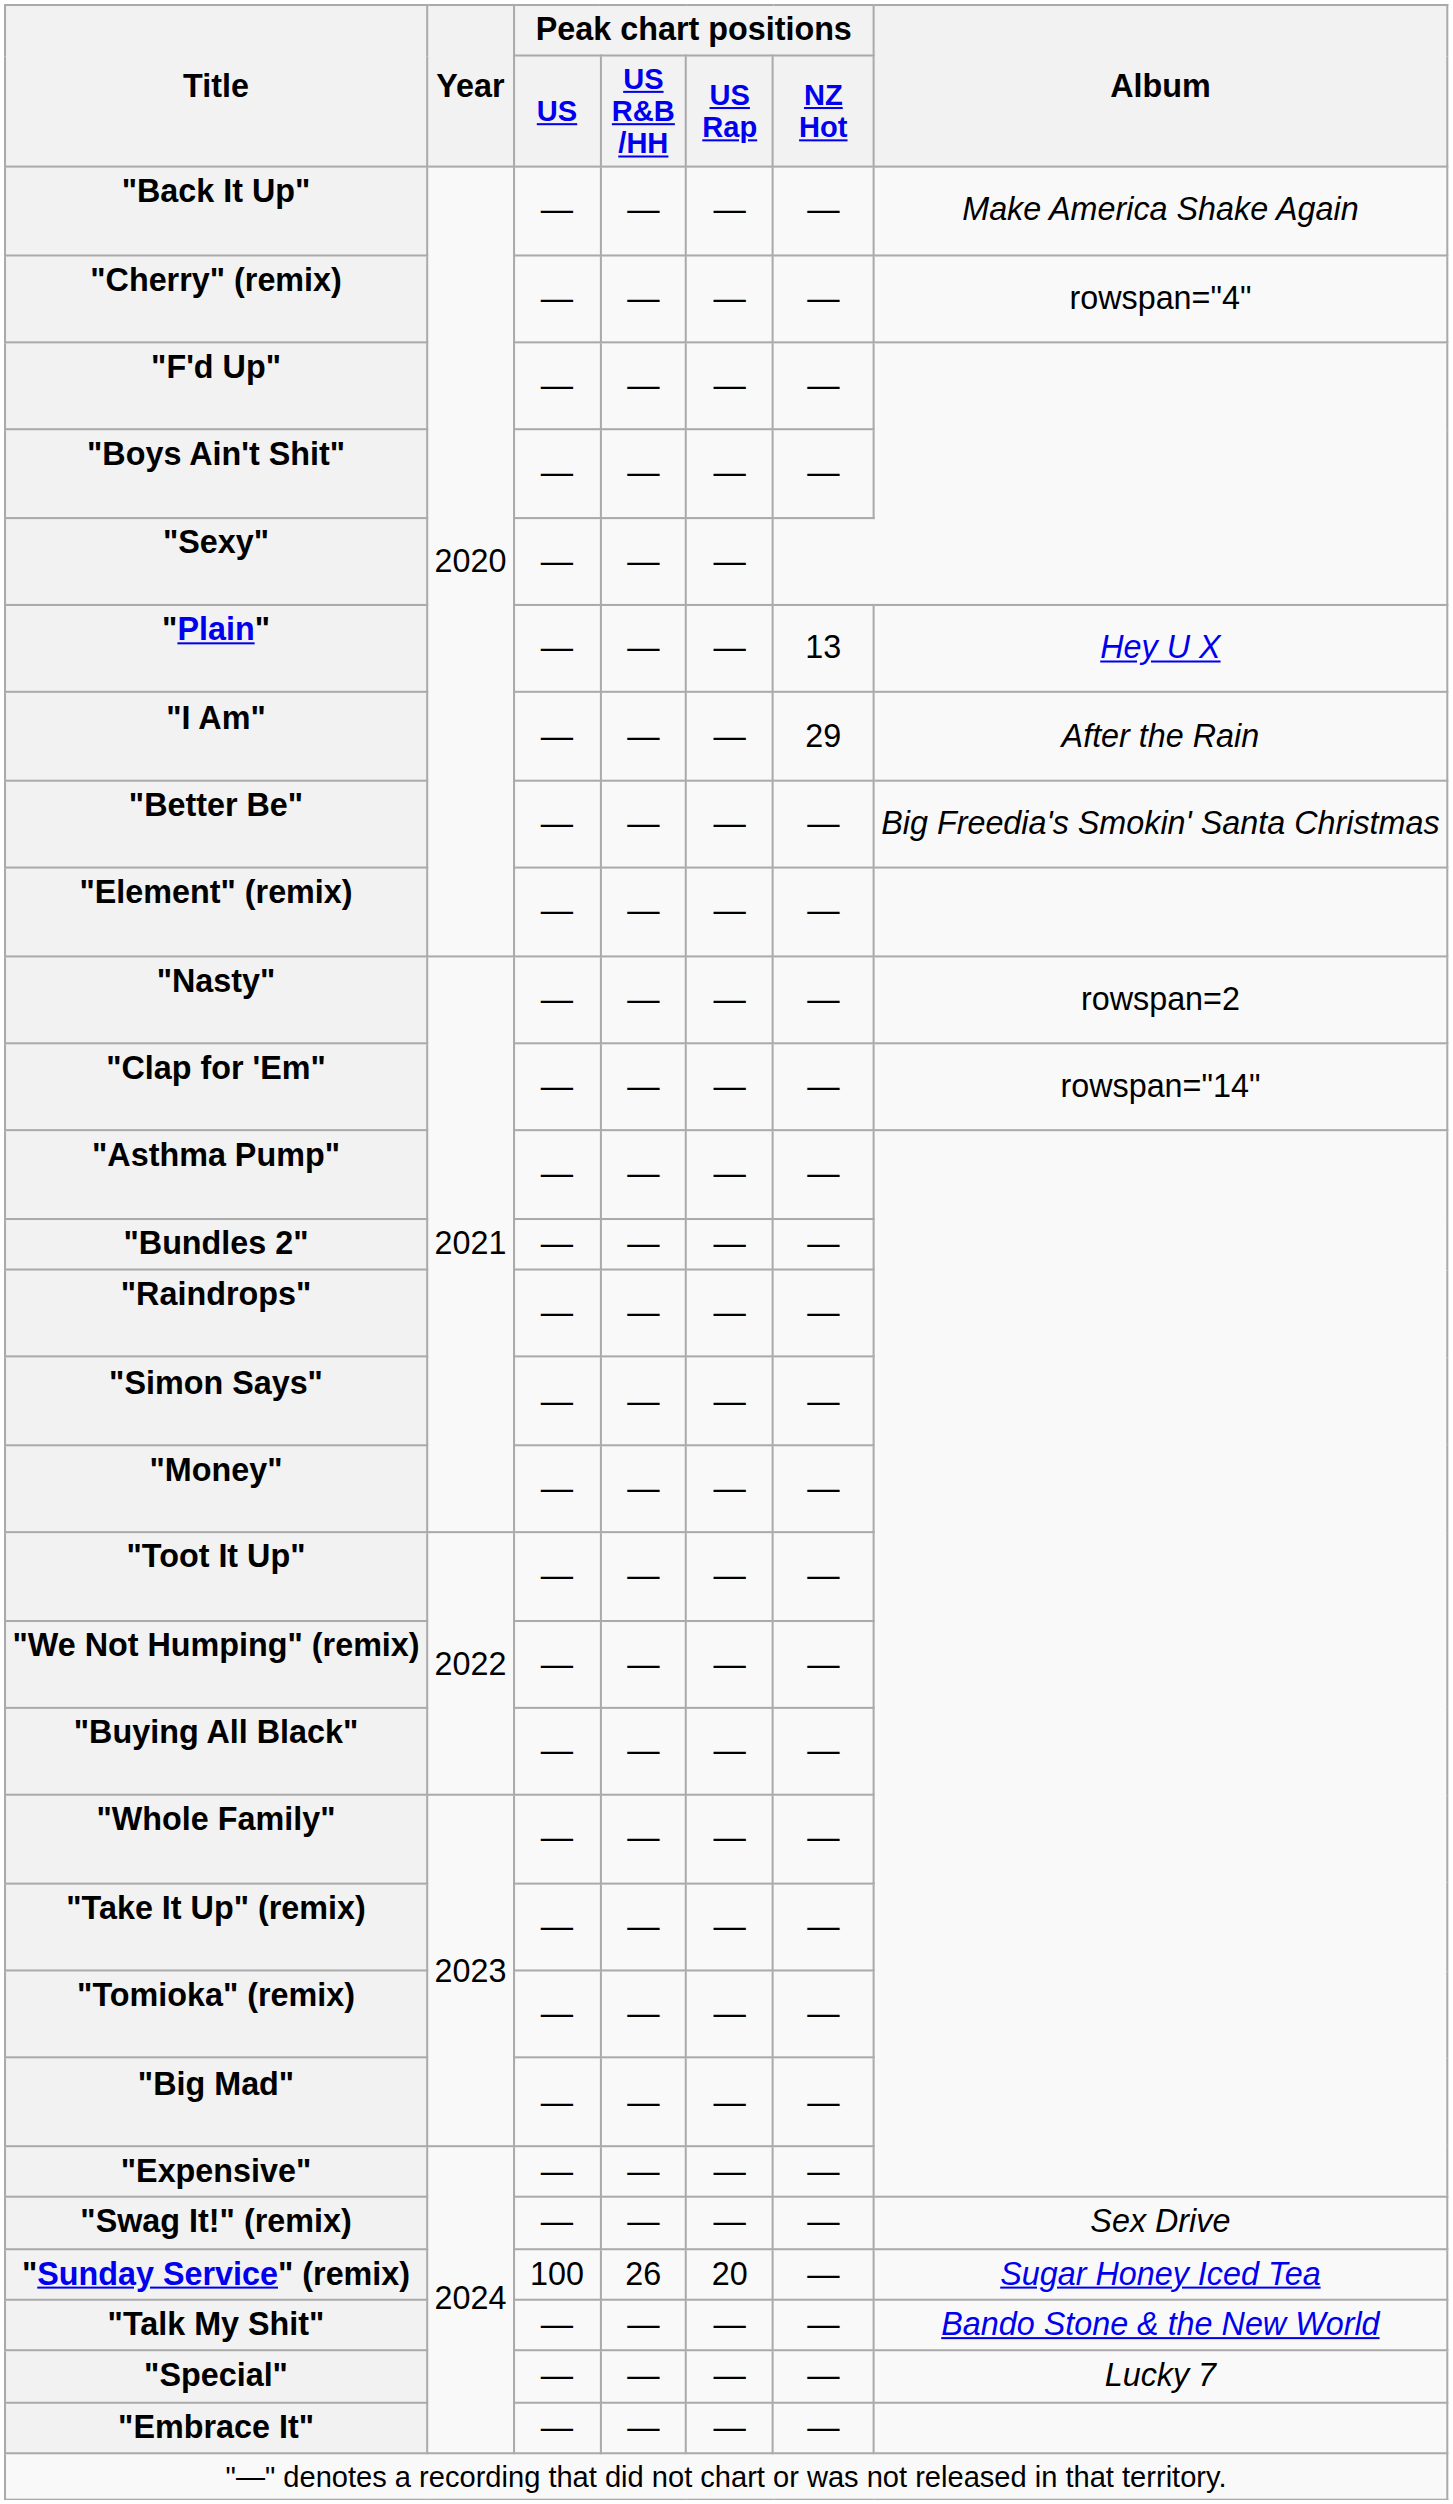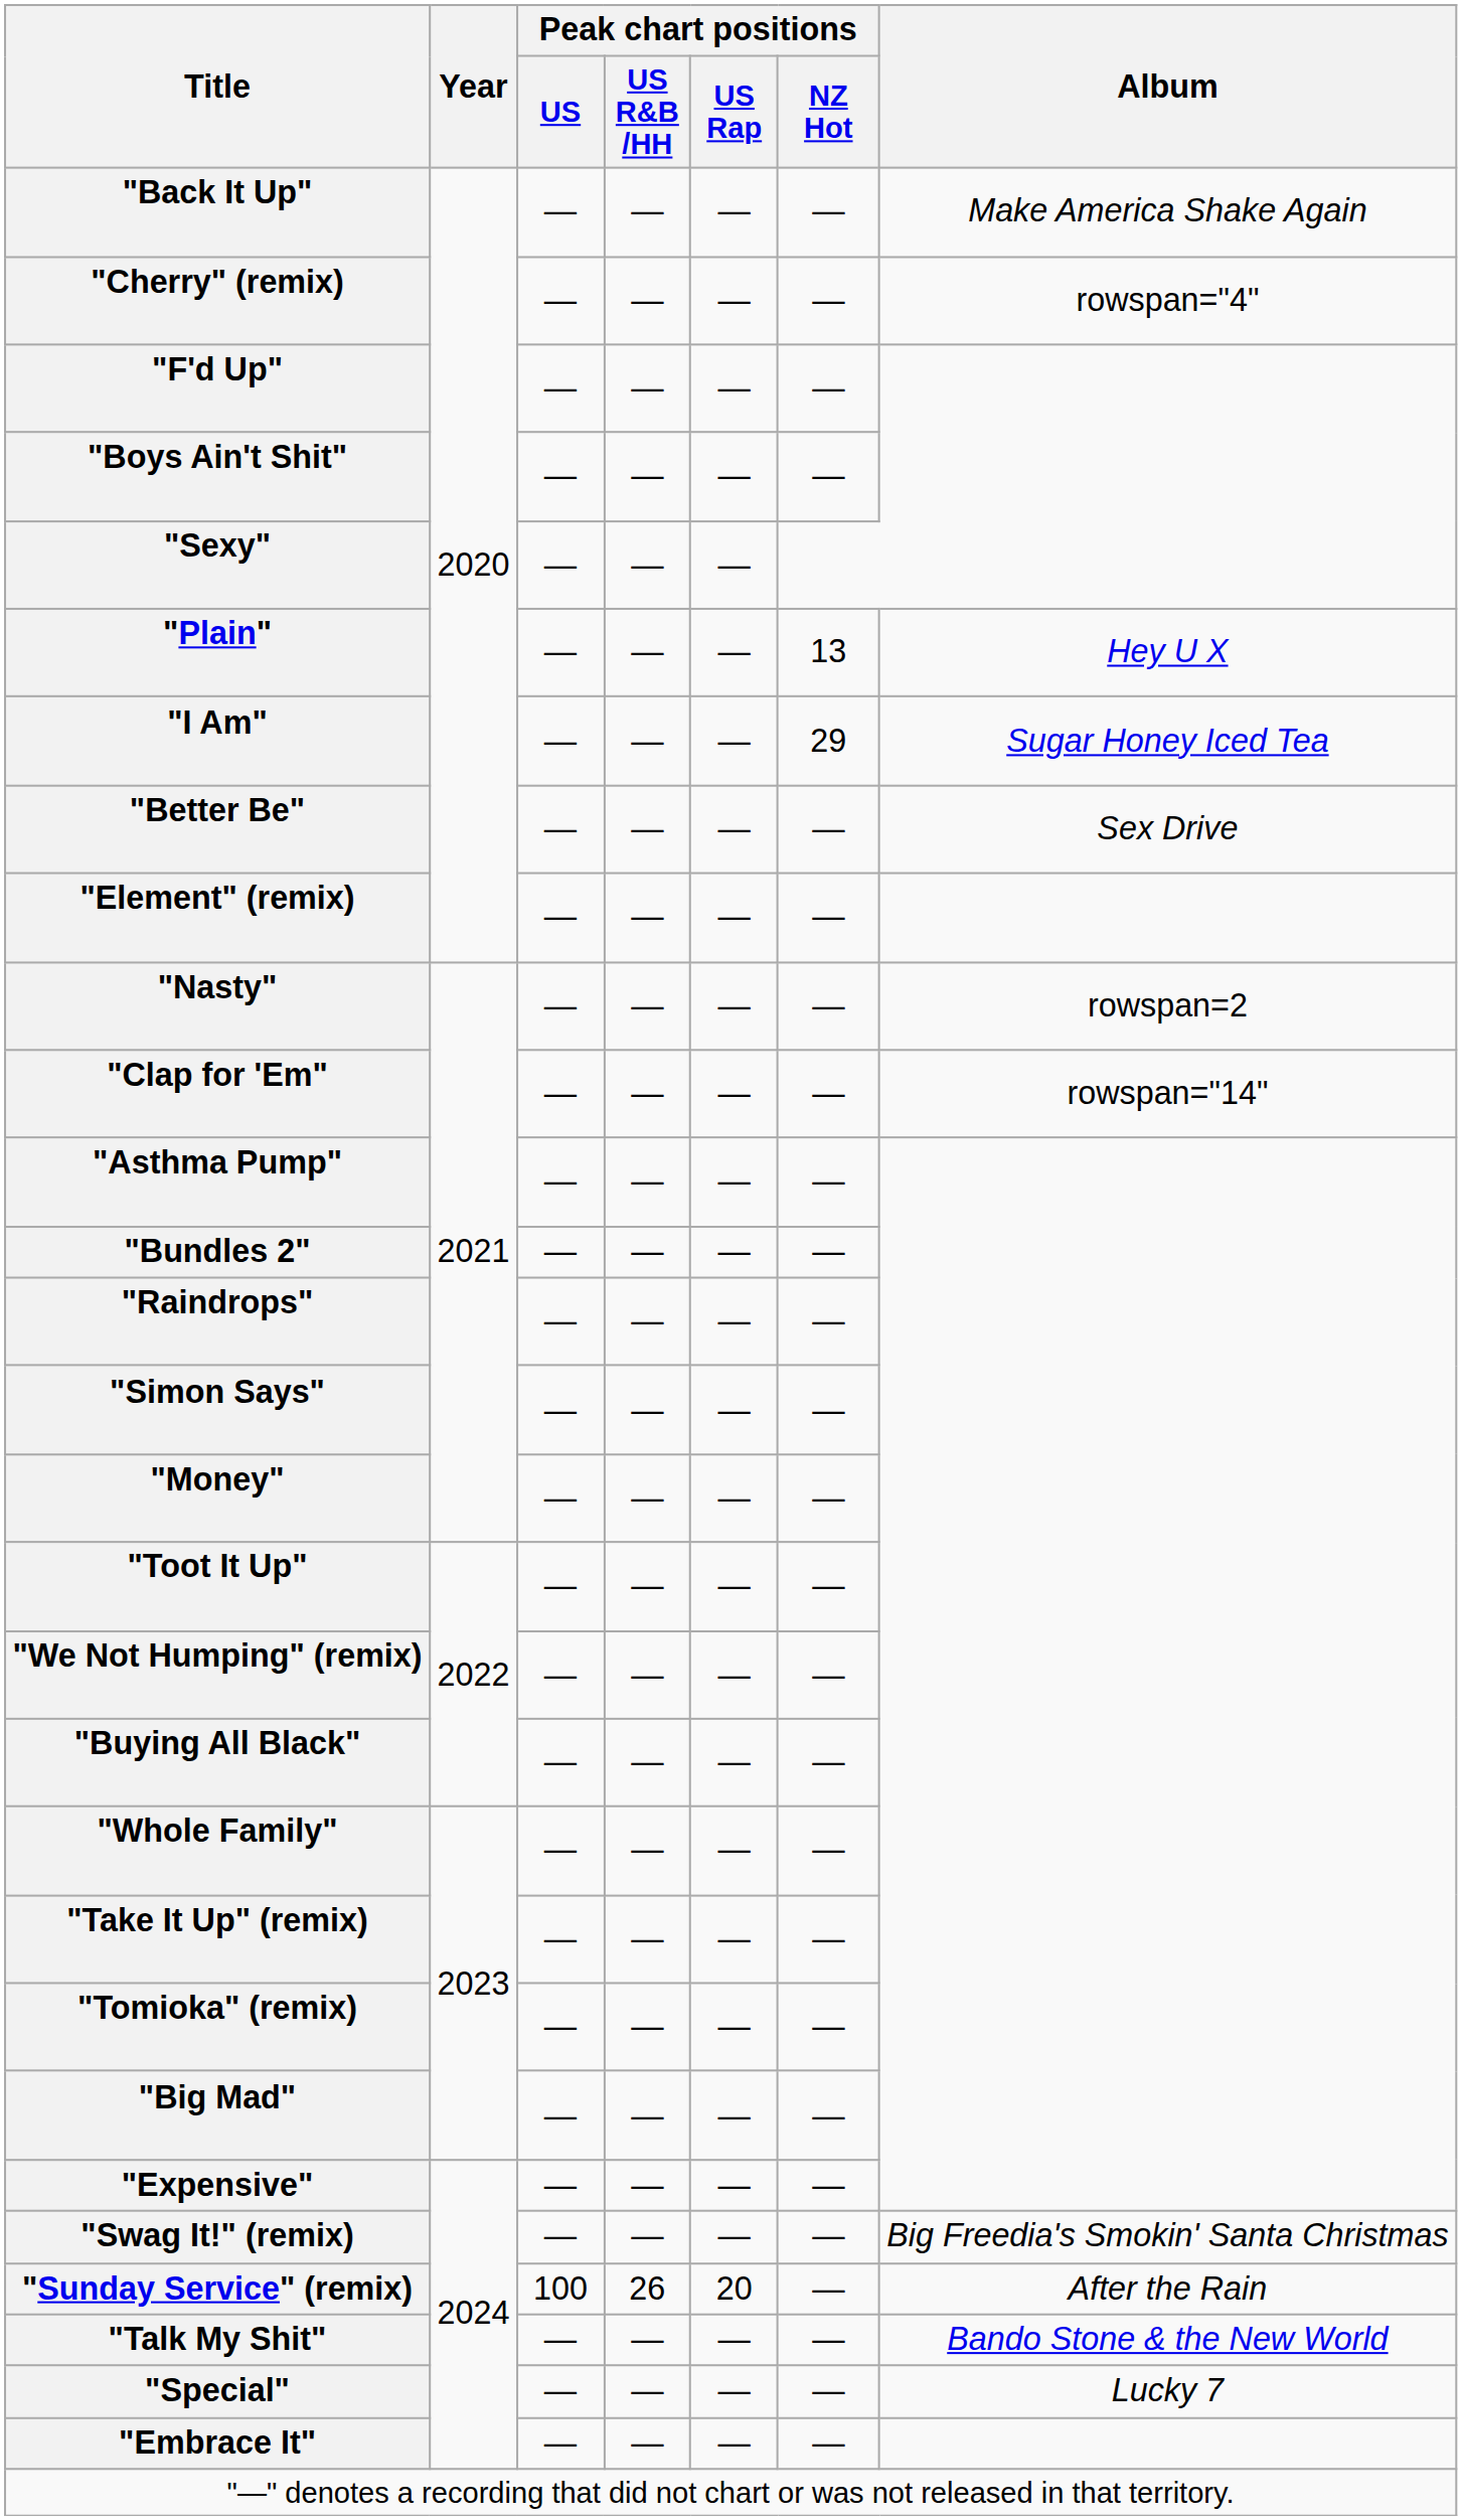 <table class="wikitable plainrowheaders" style="text-align:center;">
 <tr>
 <th scope="col" rowspan="2">Title</th>
 <th scope="col" rowspan="2">Year</th>
 <th scope="col" colspan="4">Peak chart positions</th>
 <th scope="col" rowspan="2">Album</th>
 </tr>
 <tr>
 <th scope="col" style="width:2.5em;font-size:90%;"><a href='#'>US</a><br></th>
 <th scope="col" style="width:2.5em;font-size:90%;"><a href='#'>US<br>R&B<br>/HH</a><br></th>
 <th scope="col" style="width:2.5em;font-size:90%;"><a href='#'>US<br>Rap</a><br></th>
 <th scope="col" style="width:3em;font-size:90%;"><a href='#'>NZ<br>Hot</a><br></th>
 </tr>
 <tr>
 <th scope="row">"Back It Up"<br><br></th>
 <td rowspan="9">2020</td>
 <td>—</td>
 <td>—</td>
 <td>—</td>
 <td>—</td>
 <td><em>Make America Shake Again</em></td>
 </tr>
 <tr>
 <th scope="row">"Cherry" (remix)<br><br></th>
 <td>—</td>
 <td>—</td>
 <td>—</td>
 <td>—</td>
 <td>rowspan="4" </td>
 </tr>
 <tr>
 <th scope="row">"F'd Up"<br><br></th>
 <td>—</td>
 <td>—</td>
 <td>—</td>
 <td>—</td>
 </tr>
 <tr>
 <th scope="row">"Boys Ain't Shit"<br><br></th>
 <td>—</td>
 <td>—</td>
 <td>—</td>
 <td>—</td>
 </tr>
 <tr>
 <th scope="row">"Sexy"<br><br></th>
 <td>—</td>
 <td>—</td>
 <td>—</td>
 </tr>
 <tr>
 <th scope="row">"<a href='#'>Plain</a>"<br><br></th>
 <td>—</td>
 <td>—</td>
 <td>—</td>
 <td>13</td>
 <td><em><a href='#'>Hey U X</a></em></td>
 </tr>
 <tr>
 <th scope="row">"I Am"<br><br></th>
 <td>—</td>
 <td>—</td>
 <td>—</td>
 <td>29</td>
-<td><em>After the Rain</em></td>
+<td><em><a href='#'>Sugar Honey Iced Tea</a></em></td>
 </tr>
 <tr>
 <th scope="row">"Better Be"<br><br></th>
 <td>—</td>
 <td>—</td>
 <td>—</td>
 <td>—</td>
-<td><em>Big Freedia's Smokin' Santa Christmas</em></td>
+<td><em>Sex Drive</em></td>
 </tr>
 <tr>
 <th scope="row">"Element" (remix)<br><br></th>
 <td>—</td>
 <td>—</td>
 <td>—</td>
 <td>—</td>
 <td></td>
 </tr>
 <tr>
 <th scope="row">"Nasty"<br><br></th>
 <td rowspan="7">2021</td>
 <td>—</td>
 <td>—</td>
 <td>—</td>
 <td>—</td>
 <td>rowspan=2 </td>
 </tr>
 <tr>
 <th scope="row">"Clap for 'Em"<br><br></th>
 <td>—</td>
 <td>—</td>
 <td>—</td>
 <td>—</td>
 <td>rowspan="14" </td>
 </tr>
 <tr>
 <th scope="row">"Asthma Pump"<br><br></th>
 <td>—</td>
 <td>—</td>
 <td>—</td>
 <td>—</td>
 </tr>
 <tr>
 <th scope="row">"Bundles 2"<br></th>
 <td>—</td>
 <td>—</td>
 <td>—</td>
 <td>—</td>
 </tr>
 <tr>
 <th scope="row">"Raindrops"<br><br></th>
 <td>—</td>
 <td>—</td>
 <td>—</td>
 <td>—</td>
 </tr>
 <tr>
 <th scope="row">"Simon Says"<br><br></th>
 <td>—</td>
 <td>—</td>
 <td>—</td>
 <td>—</td>
 </tr>
 <tr>
 <th scope="row">"Money"<br><br></th>
 <td>—</td>
 <td>—</td>
 <td>—</td>
 <td>—</td>
 </tr>
 <tr>
 <th scope="row">"Toot It Up"<br><br></th>
 <td rowspan="3">2022</td>
 <td>—</td>
 <td>—</td>
 <td>—</td>
 <td>—</td>
 </tr>
 <tr>
 <th scope="row">"We Not Humping" (remix)<br><br></th>
 <td>—</td>
 <td>—</td>
 <td>—</td>
 <td>—</td>
 </tr>
 <tr>
 <th scope="row">"Buying All Black"<br><br></th>
 <td>—</td>
 <td>—</td>
 <td>—</td>
 <td>—</td>
 </tr>
 <tr>
 <th scope="row">"Whole Family"<br><br></th>
 <td rowspan="4">2023</td>
 <td>—</td>
 <td>—</td>
 <td>—</td>
 <td>—</td>
 </tr>
 <tr>
 <th scope="row">"Take It Up" (remix)<br><br></th>
 <td>—</td>
 <td>—</td>
 <td>—</td>
 <td>—</td>
 </tr>
 <tr>
 <th scope="row">"Tomioka" (remix)<br><br></th>
 <td>—</td>
 <td>—</td>
 <td>—</td>
 <td>—</td>
 </tr>
 <tr>
 <th scope="row">"Big Mad"<br><br></th>
 <td>—</td>
 <td>—</td>
 <td>—</td>
 <td>—</td>
 </tr>
 <tr>
 <th scope="row">"Expensive"<br></th>
 <td rowspan=6>2024</td>
 <td>—</td>
 <td>—</td>
 <td>—</td>
 <td>—</td>
 </tr>
 <tr>
 <th scope="row">"Swag It!" (remix)<br></th>
 <td>—</td>
 <td>—</td>
 <td>—</td>
 <td>—</td>
-<td><em>Sex Drive</em></td>
+<td><em>Big Freedia's Smokin' Santa Christmas</em></td>
 </tr>
 <tr>
 <th scope="row">"<a href='#'>Sunday Service</a>" (remix)<br></th>
 <td>100</td>
 <td>26</td>
 <td>20</td>
 <td>—</td>
-<td><em><a href='#'>Sugar Honey Iced Tea</a></em></td>
+<td><em>After the Rain</em></td>
 </tr>
 <tr>
 <th scope="row">"Talk My Shit"<br></th>
 <td>—</td>
 <td>—</td>
 <td>—</td>
 <td>—</td>
 <td><em><a href='#'>Bando Stone & the New World</a></em></td>
 </tr>
 <tr>
 <th scope="row">"Special"<br></th>
 <td>—</td>
 <td>—</td>
 <td>—</td>
 <td>—</td>
 <td><em>Lucky 7</em></td>
 </tr>
 <tr>
 <th scope="row">"Embrace It"<br></th>
 <td>—</td>
 <td>—</td>
 <td>—</td>
 <td>—</td>
 </tr>
 <tr>
 <td colspan="15" style="font-size:90%">"—" denotes a recording that did not chart or was not released in that territory.</td>
 </tr>
 </table>
